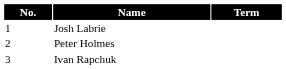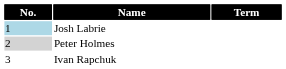 <table class="toccolours" style="width:25em">
 <tr>
 <th style="background:#000000;color:white;border:#000000 1px solid">No.</th>
 <th style="background:#000000;color:white;border:#000000 1px solid">Name</th>
 <th style="background:#000000;color:white;border:#000000 1px solid">Term</th>
 </tr>
 <tr>
-<td>1</td>
+<td style="background: lightblue;">1</td>
 <td> Josh Labrie</td>
 <td></td>
 </tr>
 <tr>
-<td>2</td>
+<td style="background: lightgrey;">2</td>
 <td> Peter Holmes</td>
 <td></td>
 </tr>
 <tr>
 <td>3</td>
 <td> Ivan Rapchuk</td>
 <td></td>
 </tr>
 <tr>
 </tr>
 </table>
